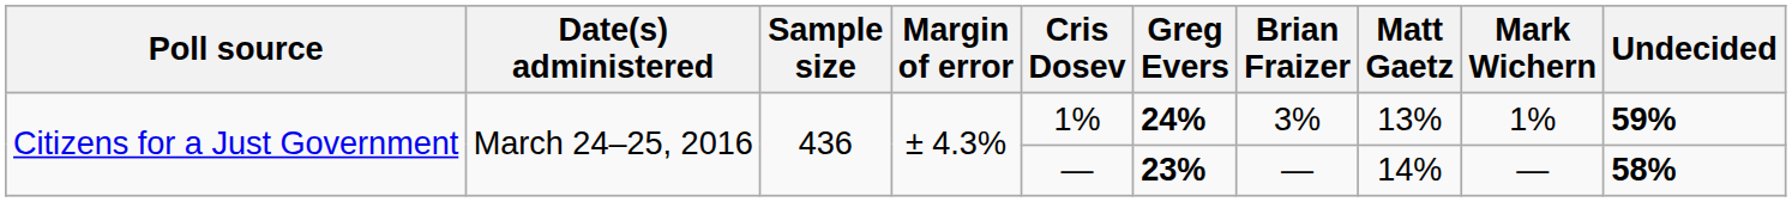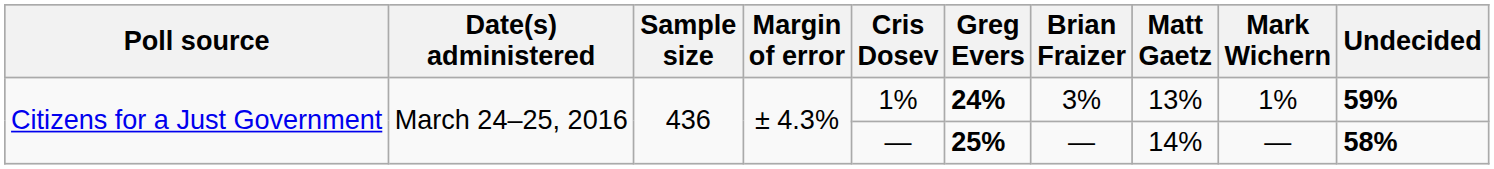 <table class="wikitable">
 <tr>
 <th>Poll source</th>
 <th>Date(s)<br>administered</th>
 <th>Sample<br>size</th>
 <th>Margin<br>of error</th>
 <th>Cris<br>Dosev</th>
 <th>Greg<br>Evers</th>
 <th>Brian<br>Fraizer</th>
 <th>Matt<br>Gaetz</th>
 <th>Mark<br>Wichern</th>
 <th>Undecided</th>
 </tr>
 <tr>
 <td rowspan=2><a href='#'>Citizens for a Just Government</a></td>
 <td rowspan="2" style="text-align:center;">March 24–25, 2016</td>
 <td rowspan="2" style="text-align:center;">436</td>
 <td rowspan="2" style="text-align:center;">± 4.3%</td>
 <td align=center>1%</td>
 <td><strong>24%</strong></td>
 <td align=center>3%</td>
 <td align=center>13%</td>
 <td align=center>1%</td>
 <td><strong>59%</strong></td>
 </tr>
 <tr>
 <td align=center>—</td>
-<td><strong>23%</strong></td>
+<td><strong>25%</strong></td>
 <td align=center>—</td>
 <td align=center>14%</td>
 <td align=center>—</td>
 <td><strong>58%</strong></td>
 </tr>
 </table>
